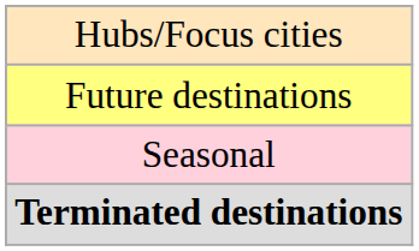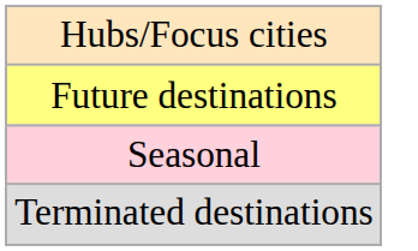 <table class="wikitable">
 <tr>
 <td style="background-color: #FFE6BD" align=center>Hubs/Focus cities</td>
 </tr>
 <tr>
 <td style="background:#FFFF80" align=center>Future destinations</td>
 </tr>
 <tr>
 <td style="background:#FFD1DC" align=center>Seasonal</td>
 </tr>
 <tr>
-<td style="background:#DDDDDD" align=center><strong>Terminated destinations</strong></td>
+<td style="background:#DDDDDD" align=center>Terminated destinations</td>
 </tr>
 </table>
